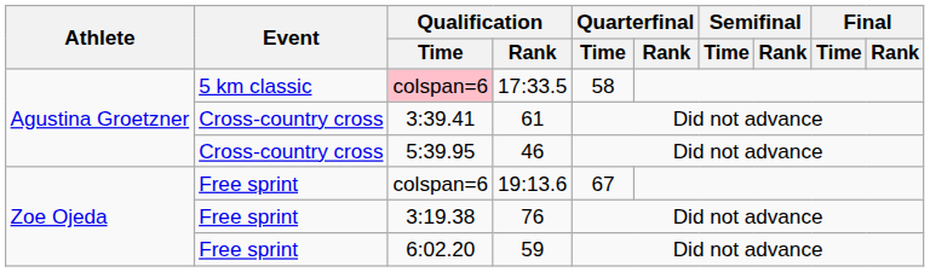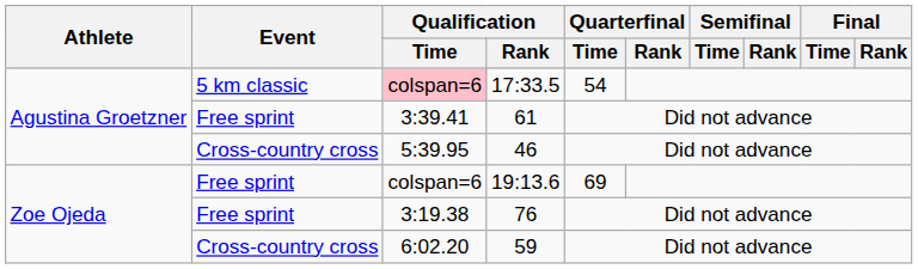 <table class="wikitable" style="font-size:90%">
 <tr>
 <th rowspan="2">Athlete</th>
 <th rowspan="2">Event</th>
 <th colspan="2">Qualification</th>
 <th colspan="2">Quarterfinal</th>
 <th colspan="2">Semifinal</th>
 <th colspan="2">Final</th>
 </tr>
 <tr style="font-size:95%">
 <th>Time</th>
 <th>Rank</th>
 <th>Time</th>
 <th>Rank</th>
 <th>Time</th>
 <th>Rank</th>
 <th>Time</th>
 <th>Rank</th>
 </tr>
 <tr align=center>
 <td align=left rowspan=3><a href='#'>Agustina Groetzner</a></td>
 <td align=left><a href='#'>5 km classic</a></td>
 <td style="background: pink;">colspan=6 </td>
 <td>17:33.5</td>
-<td>58</td>
+<td>54</td>
 </tr>
 <tr align=center>
-<td align=left><a href='#'>Cross-country cross</a></td>
+<td align=left><a href='#'>Free sprint</a></td>
 <td>3:39.41</td>
 <td>61</td>
 <td colspan="6">Did not advance</td>
 </tr>
 <tr align=center>
 <td align=left><a href='#'>Cross-country cross</a></td>
 <td>5:39.95</td>
 <td>46</td>
 <td colspan="6">Did not advance</td>
 </tr>
 <tr align=center>
 <td align=left rowspan=3><a href='#'>Zoe Ojeda</a></td>
 <td align=left><a href='#'>Free sprint</a></td>
 <td>colspan=6 </td>
 <td>19:13.6</td>
-<td>67</td>
+<td>69</td>
 </tr>
 <tr align=center>
 <td align=left><a href='#'>Free sprint</a></td>
 <td>3:19.38</td>
 <td>76</td>
 <td colspan="6">Did not advance</td>
 </tr>
 <tr align=center>
-<td align=left><a href='#'>Free sprint</a></td>
+<td align=left><a href='#'>Cross-country cross</a></td>
 <td>6:02.20</td>
 <td>59</td>
 <td colspan="6">Did not advance</td>
 </tr>
 </table>
